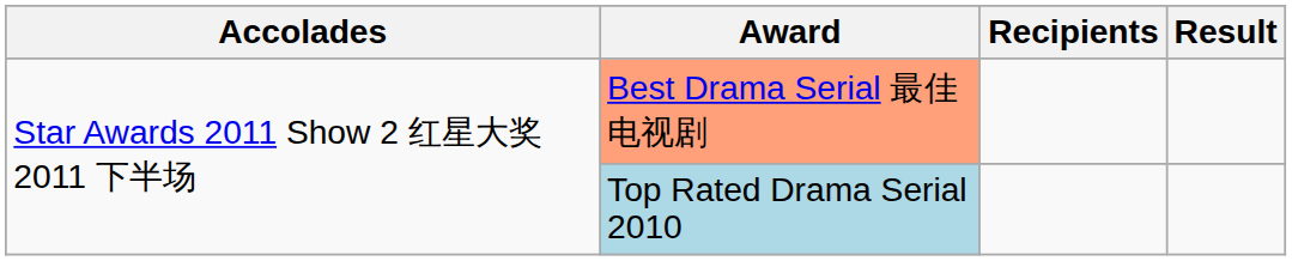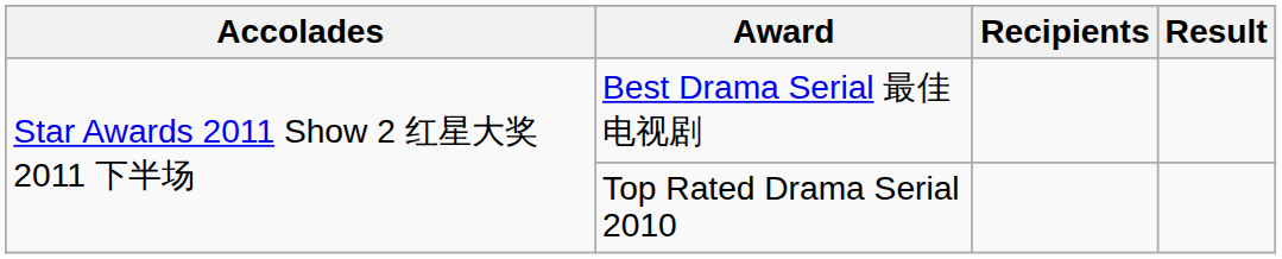 <table class="wikitable">
 <tr>
 <th>Accolades</th>
 <th>Award</th>
 <th>Recipients</th>
 <th>Result</th>
 </tr>
 <tr>
 <td rowspan="13"><a href='#'>Star Awards 2011</a> Show 2 红星大奖2011 下半场</td>
-<td style="background: lightsalmon;"><a href='#'>Best Drama Serial</a> 最佳电视剧</td>
+<td><a href='#'>Best Drama Serial</a> 最佳电视剧</td>
 <td></td>
 <td></td>
 </tr>
 <tr>
-<td style="background: lightblue;">Top Rated Drama Serial 2010</td>
+<td>Top Rated Drama Serial 2010</td>
 <td></td>
 <td></td>
 </tr>
 </table>
